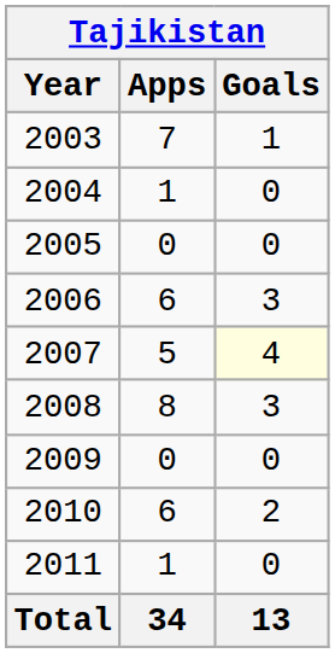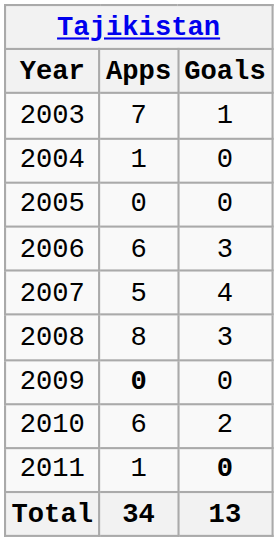 <table class="wikitable" style="text-align:center">
 <tr>
 <th colspan=3><a href='#'>Tajikistan</a></th>
 </tr>
 <tr>
 <th>Year</th>
 <th>Apps</th>
 <th>Goals</th>
 </tr>
 <tr>
 <td>2003</td>
 <td>7</td>
 <td>1</td>
 </tr>
 <tr>
 <td>2004</td>
 <td>1</td>
 <td>0</td>
 </tr>
 <tr>
 <td>2005</td>
 <td>0</td>
 <td>0</td>
 </tr>
 <tr>
 <td>2006</td>
 <td>6</td>
 <td>3</td>
 </tr>
 <tr>
 <td>2007</td>
 <td>5</td>
-<td style="background: lightyellow;">4</td>
+<td>4</td>
 </tr>
 <tr>
 <td>2008</td>
 <td>8</td>
 <td>3</td>
 </tr>
 <tr>
 <td>2009</td>
-<td>0</td>
+<td><strong>0</strong></td>
 <td>0</td>
 </tr>
 <tr>
 <td>2010</td>
 <td>6</td>
 <td>2</td>
 </tr>
 <tr>
 <td>2011</td>
 <td>1</td>
-<td>0</td>
+<td><strong>0</strong></td>
 </tr>
 <tr>
 <th>Total</th>
 <th>34</th>
 <th>13</th>
 </tr>
 </table>
